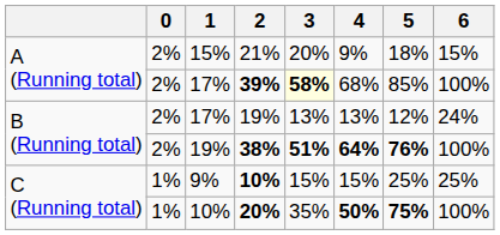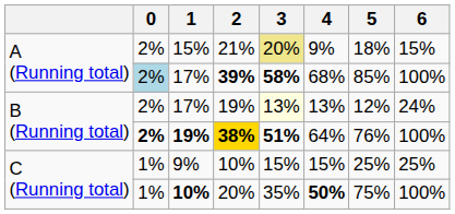 <table class="wikitable sortable mw-collapsible mw-collapsed">
 <tr>
 <th></th>
 <th>0</th>
 <th>1</th>
 <th>2</th>
 <th>3</th>
 <th>4</th>
 <th>5</th>
 <th>6</th>
 </tr>
 <tr>
 <td rowspan="2">A<br>(<a href='#'>Running total</a>)</td>
 <td>2%</td>
 <td>15%</td>
 <td>21%</td>
-<td>20%</td>
+<td style="background: khaki;">20%</td>
 <td>9%</td>
 <td>18%</td>
 <td>15%</td>
 </tr>
 <tr>
-<td>2%</td>
+<td style="background: lightblue;">2%</td>
 <td>17%</td>
 <td><strong>39%</strong></td>
-<td style="background: lightyellow;"><strong>58%</strong></td>
+<td><strong>58%</strong></td>
 <td>68%</td>
 <td>85%</td>
 <td>100%</td>
 </tr>
 <tr>
 <td rowspan="2">B<br>(<a href='#'>Running total</a>)</td>
 <td>2%</td>
 <td>17%</td>
 <td>19%</td>
-<td>13%</td>
+<td style="background: lightyellow;">13%</td>
 <td>13%</td>
 <td>12%</td>
 <td>24%</td>
 </tr>
 <tr>
-<td>2%</td>
-<td>19%</td>
-<td><strong>38%</strong></td>
+<td><strong>2%</strong></td>
+<td><strong>19%</strong></td>
+<td style="background: gold;"><strong>38%</strong></td>
 <td><strong>51%</strong></td>
-<td><strong>64%</strong></td>
-<td><strong>76%</strong></td>
+<td>64%</td>
+<td>76%</td>
 <td>100%</td>
 </tr>
 <tr>
 <td rowspan="2">C<br>(<a href='#'>Running total</a>)</td>
 <td>1%</td>
 <td>9%</td>
-<td><strong>10%</strong></td>
+<td>10%</td>
 <td>15%</td>
 <td>15%</td>
 <td>25%</td>
 <td>25%</td>
 </tr>
 <tr>
 <td>1%</td>
-<td>10%</td>
-<td><strong>20%</strong></td>
+<td><strong>10%</strong></td>
+<td>20%</td>
 <td>35%</td>
 <td><strong>50%</strong></td>
-<td><strong>75%</strong></td>
+<td>75%</td>
 <td>100%</td>
 </tr>
 </table>
